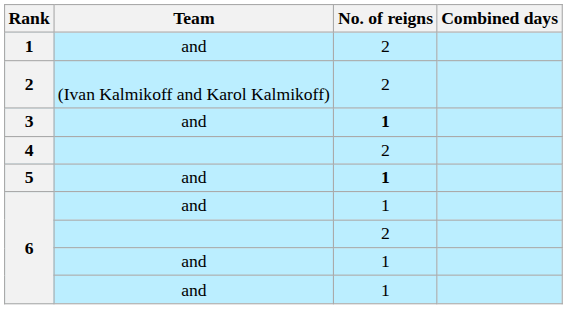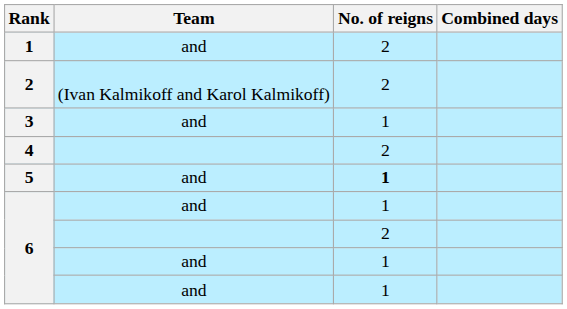 <table class="wikitable sortable" style="text-align: center">
 <tr>
 <th data-sort-type="number" scope="col">Rank</th>
 <th scope="col">Team</th>
 <th data-sort-type="number" scope="col">No. of reigns</th>
 <th data-sort-type="number" scope="col">Combined days</th>
 </tr>
 <tr style="background-color:#bbeeff">
 <th scope=row>1</th>
 <td> and </td>
 <td>2</td>
 <td></td>
 </tr>
 <tr style="background-color:#bbeeff">
 <th scope=row>2</th>
 <td><br>(Ivan Kalmikoff and Karol Kalmikoff)</td>
 <td>2</td>
 <td></td>
 </tr>
 <tr style="background-color:#bbeeff">
 <th scope=row>3</th>
 <td> and </td>
-<td><strong>1</strong></td>
+<td>1</td>
 <td></td>
 </tr>
 <tr style="background-color:#bbeeff">
 <th scope=row>4</th>
 <td></td>
 <td>2</td>
 <td></td>
 </tr>
 <tr style="background-color:#bbeeff">
 <th scope=row>5</th>
 <td> and </td>
 <td><strong>1</strong></td>
 <td></td>
 </tr>
 <tr style="background-color:#bbeeff">
 <th scope=row rowspan=4>6</th>
 <td> and </td>
 <td>1</td>
 <td></td>
 </tr>
 <tr style="background-color:#bbeeff">
 <td></td>
 <td>2</td>
 <td></td>
 </tr>
 <tr style="background-color:#bbeeff">
 <td> and </td>
 <td>1</td>
 <td></td>
 </tr>
 <tr style="background-color:#bbeeff">
 <td> and </td>
 <td>1</td>
 <td></td>
 </tr>
 </table>
